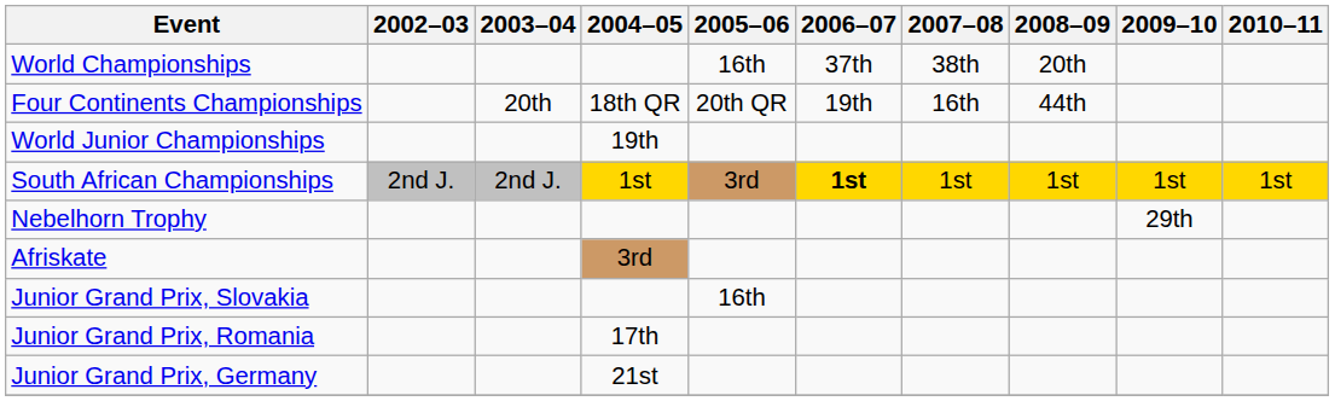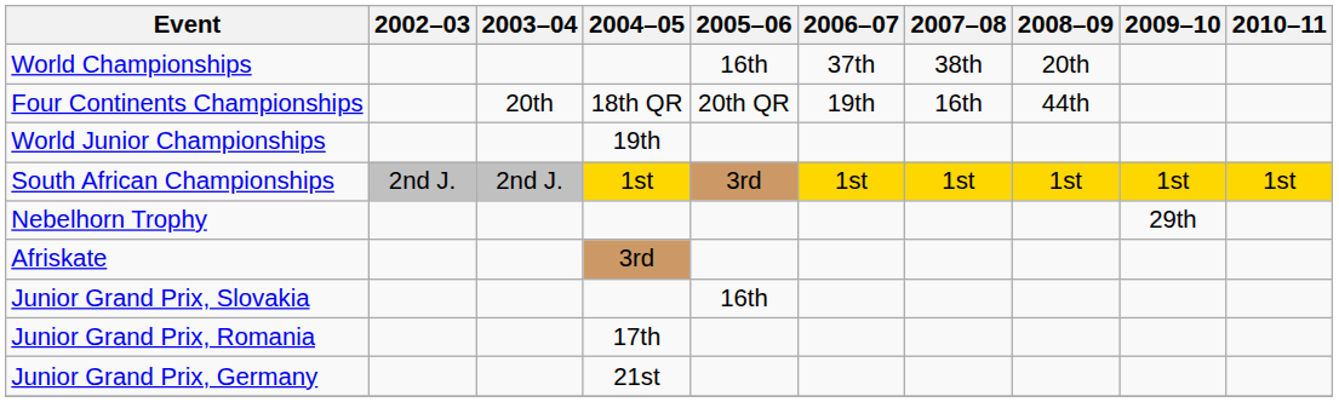 <table class="wikitable">
 <tr>
 <th>Event</th>
 <th>2002–03</th>
 <th>2003–04</th>
 <th>2004–05</th>
 <th>2005–06</th>
 <th>2006–07</th>
 <th>2007–08</th>
 <th>2008–09</th>
 <th>2009–10</th>
 <th>2010–11</th>
 </tr>
 <tr>
 <td><a href='#'>World Championships</a></td>
 <td></td>
 <td></td>
 <td></td>
 <td align="center">16th</td>
 <td align="center">37th</td>
 <td align="center">38th</td>
 <td align="center">20th</td>
 <td></td>
 <td></td>
 </tr>
 <tr>
 <td><a href='#'>Four Continents Championships</a></td>
 <td></td>
 <td align="center">20th</td>
 <td align="center">18th QR</td>
 <td align="center">20th QR</td>
 <td align="center">19th</td>
 <td align="center">16th</td>
 <td align="center">44th</td>
 <td></td>
 <td></td>
 </tr>
 <tr>
 <td><a href='#'>World Junior Championships</a></td>
 <td></td>
 <td></td>
 <td align="center">19th</td>
 <td></td>
 <td></td>
 <td></td>
 <td></td>
 <td></td>
 <td></td>
 </tr>
 <tr>
 <td><a href='#'>South African Championships</a></td>
 <td align="center" bgcolor="silver">2nd J.</td>
 <td align="center" bgcolor="silver">2nd J.</td>
 <td align="center" bgcolor="gold">1st</td>
 <td align="center" bgcolor="#cc9966">3rd</td>
-<td align="center"  bgcolor="gold"><strong>1st</strong></td>
+<td align="center"  bgcolor="gold">1st</td>
 <td align="center" bgcolor="gold">1st</td>
 <td align="center" bgcolor="gold">1st</td>
 <td align="center" bgcolor="gold">1st</td>
 <td align="center" bgcolor="gold">1st</td>
 </tr>
 <tr>
 <td><a href='#'>Nebelhorn Trophy</a></td>
 <td></td>
 <td></td>
 <td></td>
 <td></td>
 <td></td>
 <td></td>
 <td></td>
 <td align="center">29th</td>
 <td></td>
 </tr>
 <tr>
 <td><a href='#'>Afriskate</a></td>
 <td></td>
 <td></td>
 <td align="center" bgcolor="#cc9966">3rd</td>
 <td></td>
 <td></td>
 <td></td>
 <td></td>
 <td></td>
 <td></td>
 </tr>
 <tr>
 <td><a href='#'>Junior Grand Prix, Slovakia</a></td>
 <td></td>
 <td></td>
 <td></td>
 <td align="center">16th</td>
 <td></td>
 <td></td>
 <td></td>
 <td></td>
 <td></td>
 </tr>
 <tr>
 <td><a href='#'>Junior Grand Prix, Romania</a></td>
 <td></td>
 <td></td>
 <td align="center">17th</td>
 <td></td>
 <td></td>
 <td></td>
 <td></td>
 <td></td>
 <td></td>
 </tr>
 <tr>
 <td><a href='#'>Junior Grand Prix, Germany</a></td>
 <td></td>
 <td></td>
 <td align="center">21st</td>
 <td></td>
 <td></td>
 <td></td>
 <td></td>
 <td></td>
 <td></td>
 </tr>
 <tr>
 </tr>
 </table>
